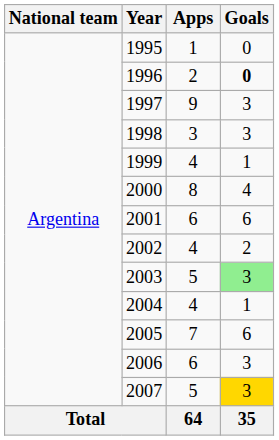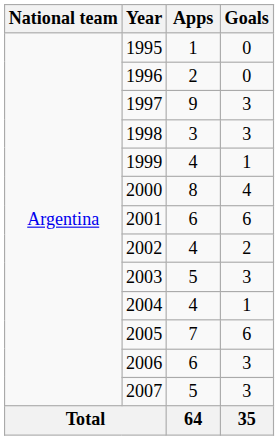 <table class="wikitable" style="text-align:center">
 <tr>
 <th>National team</th>
 <th>Year</th>
 <th width="40">Apps</th>
 <th width="40">Goals</th>
 </tr>
 <tr>
 <td rowspan="13"><a href='#'>Argentina</a></td>
 <td>1995</td>
 <td>1</td>
 <td>0</td>
 </tr>
 <tr>
 <td>1996</td>
 <td>2</td>
-<td><strong>0</strong></td>
+<td>0</td>
 </tr>
 <tr>
 <td>1997</td>
 <td>9</td>
 <td>3</td>
 </tr>
 <tr>
 <td>1998</td>
 <td>3</td>
 <td>3</td>
 </tr>
 <tr>
 <td>1999</td>
 <td>4</td>
 <td>1</td>
 </tr>
 <tr>
 <td>2000</td>
 <td>8</td>
 <td>4</td>
 </tr>
 <tr>
 <td>2001</td>
 <td>6</td>
 <td>6</td>
 </tr>
 <tr>
 <td>2002</td>
 <td>4</td>
 <td>2</td>
 </tr>
 <tr>
 <td>2003</td>
 <td>5</td>
-<td style="background: lightgreen;">3</td>
+<td>3</td>
 </tr>
 <tr>
 <td>2004</td>
 <td>4</td>
 <td>1</td>
 </tr>
 <tr>
 <td>2005</td>
 <td>7</td>
 <td>6</td>
 </tr>
 <tr>
 <td>2006</td>
 <td>6</td>
 <td>3</td>
 </tr>
 <tr>
 <td>2007</td>
 <td>5</td>
-<td style="background: gold;">3</td>
+<td>3</td>
 </tr>
 <tr>
 <th colspan="2">Total</th>
 <th>64</th>
 <th>35</th>
 </tr>
 </table>
